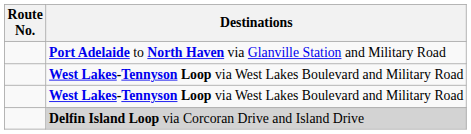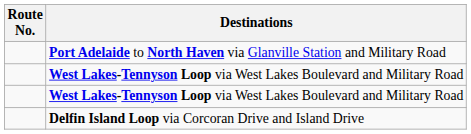 <table class="wikitable">
 <tr>
 <th>Route<br>No.</th>
 <th>Destinations</th>
 </tr>
 <tr>
 <td></td>
 <td><strong><a href='#'>Port Adelaide</a></strong> to <strong><a href='#'>North Haven</a></strong> via <a href='#'>Glanville Station</a> and Military Road</td>
 </tr>
 <tr>
 <td></td>
 <td><strong><a href='#'>West Lakes</a>-<a href='#'>Tennyson</a> Loop</strong> via West Lakes Boulevard and Military Road</td>
 </tr>
 <tr>
 <td></td>
 <td><strong><a href='#'>West Lakes</a>-<a href='#'>Tennyson</a> Loop</strong> via West Lakes Boulevard and Military Road</td>
 </tr>
 <tr>
 <td></td>
-<td style="background: lightgrey;"><strong>Delfin Island Loop</strong> via Corcoran Drive and Island Drive</td>
+<td><strong>Delfin Island Loop</strong> via Corcoran Drive and Island Drive</td>
 </tr>
 </table>
